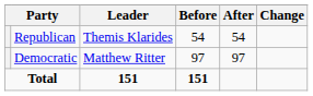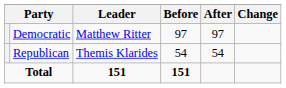 <table class="wikitable" style="text-align:center;">
 <tr>
 </tr>
 <tr>
 <th colspan=2>Party</th>
 <th>Leader</th>
 <th>Before</th>
 <th>After</th>
 <th>Change</th>
 </tr>
 <tr>
 <th style="background-color:"></th>
+<td style="text-align:left;"><a href='#'>Democratic</a></td>
+<td style="text-align:left;"><a href='#'>Matthew Ritter</a></td>
+<td>97</td>
+<td>97</td>
+<td></td>
+</tr>
+<tr>
+<th style="background-color:"></th>
 <td style="text-align:left;"><a href='#'>Republican</a></td>
 <td style="text-align:left;"><a href='#'>Themis Klarides</a></td>
 <td>54</td>
 <td>54</td>
-<td></td>
-</tr>
-<tr>
-<th style="background-color:"></th>
-<td style="text-align:left;"><a href='#'>Democratic</a></td>
-<td style="text-align:left;"><a href='#'>Matthew Ritter</a></td>
-<td>97</td>
-<td>97</td>
 <td></td>
 </tr>
 <tr>
 <td colspan=2><strong>Total</strong></td>
 <td><strong>151</strong></td>
 <td><strong>151</strong></td>
 <td></td>
 </tr>
 </table>
